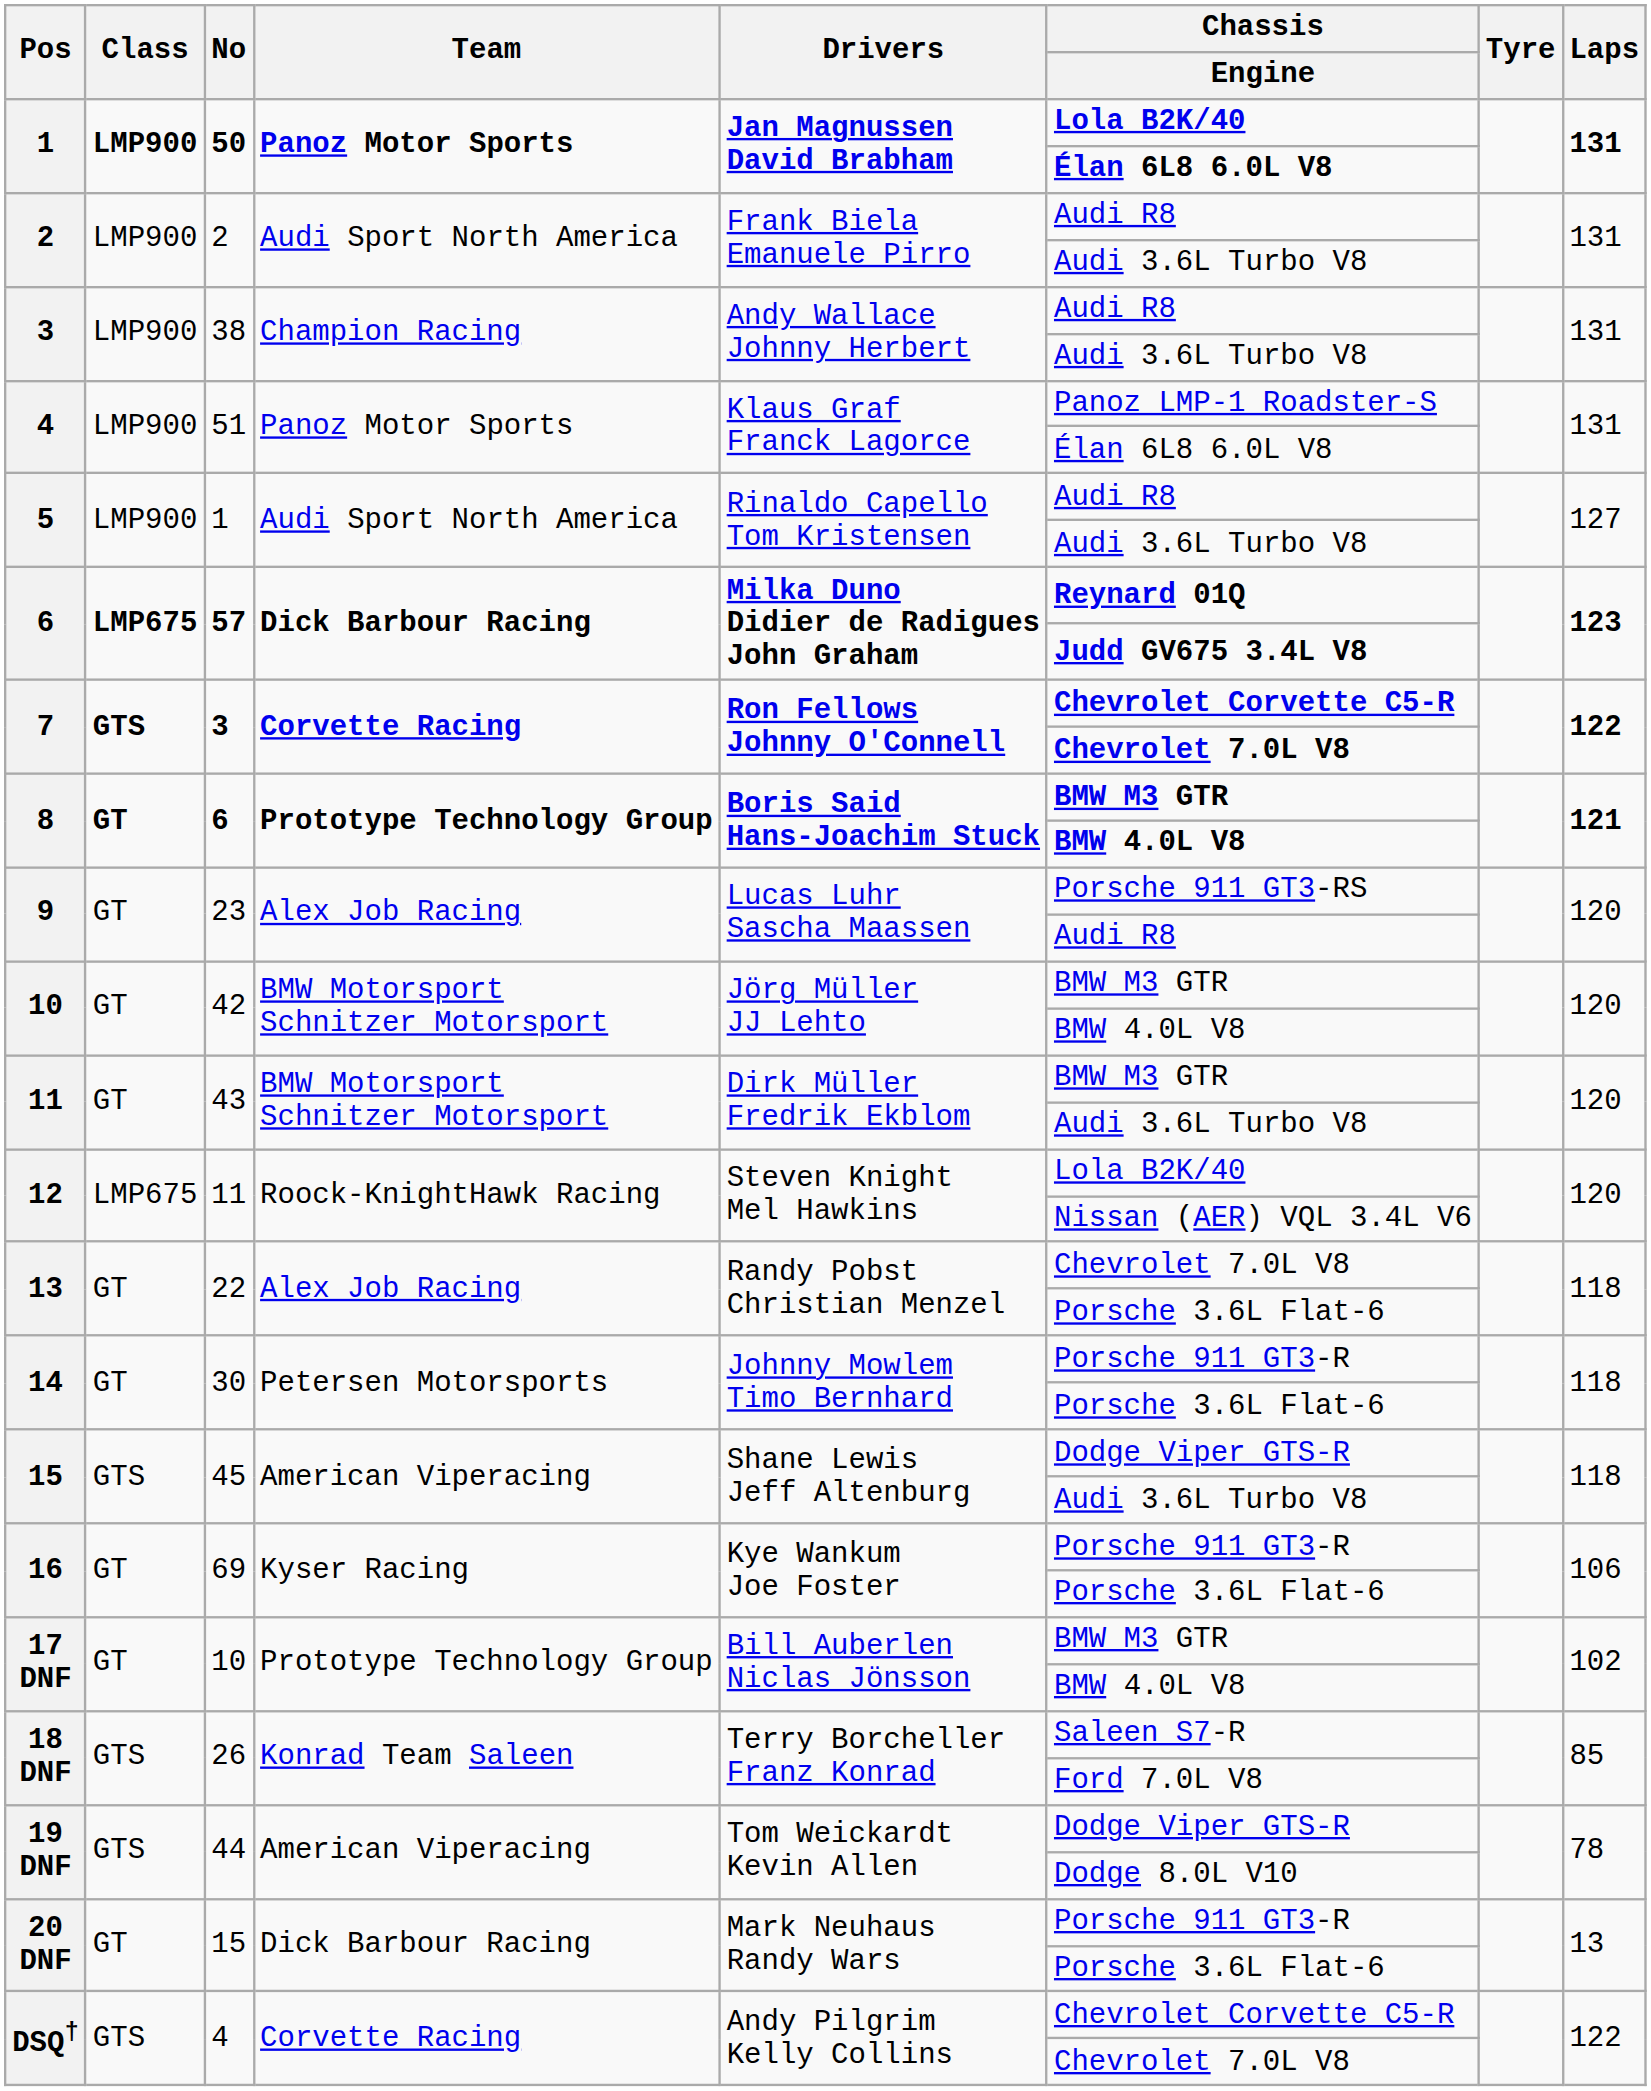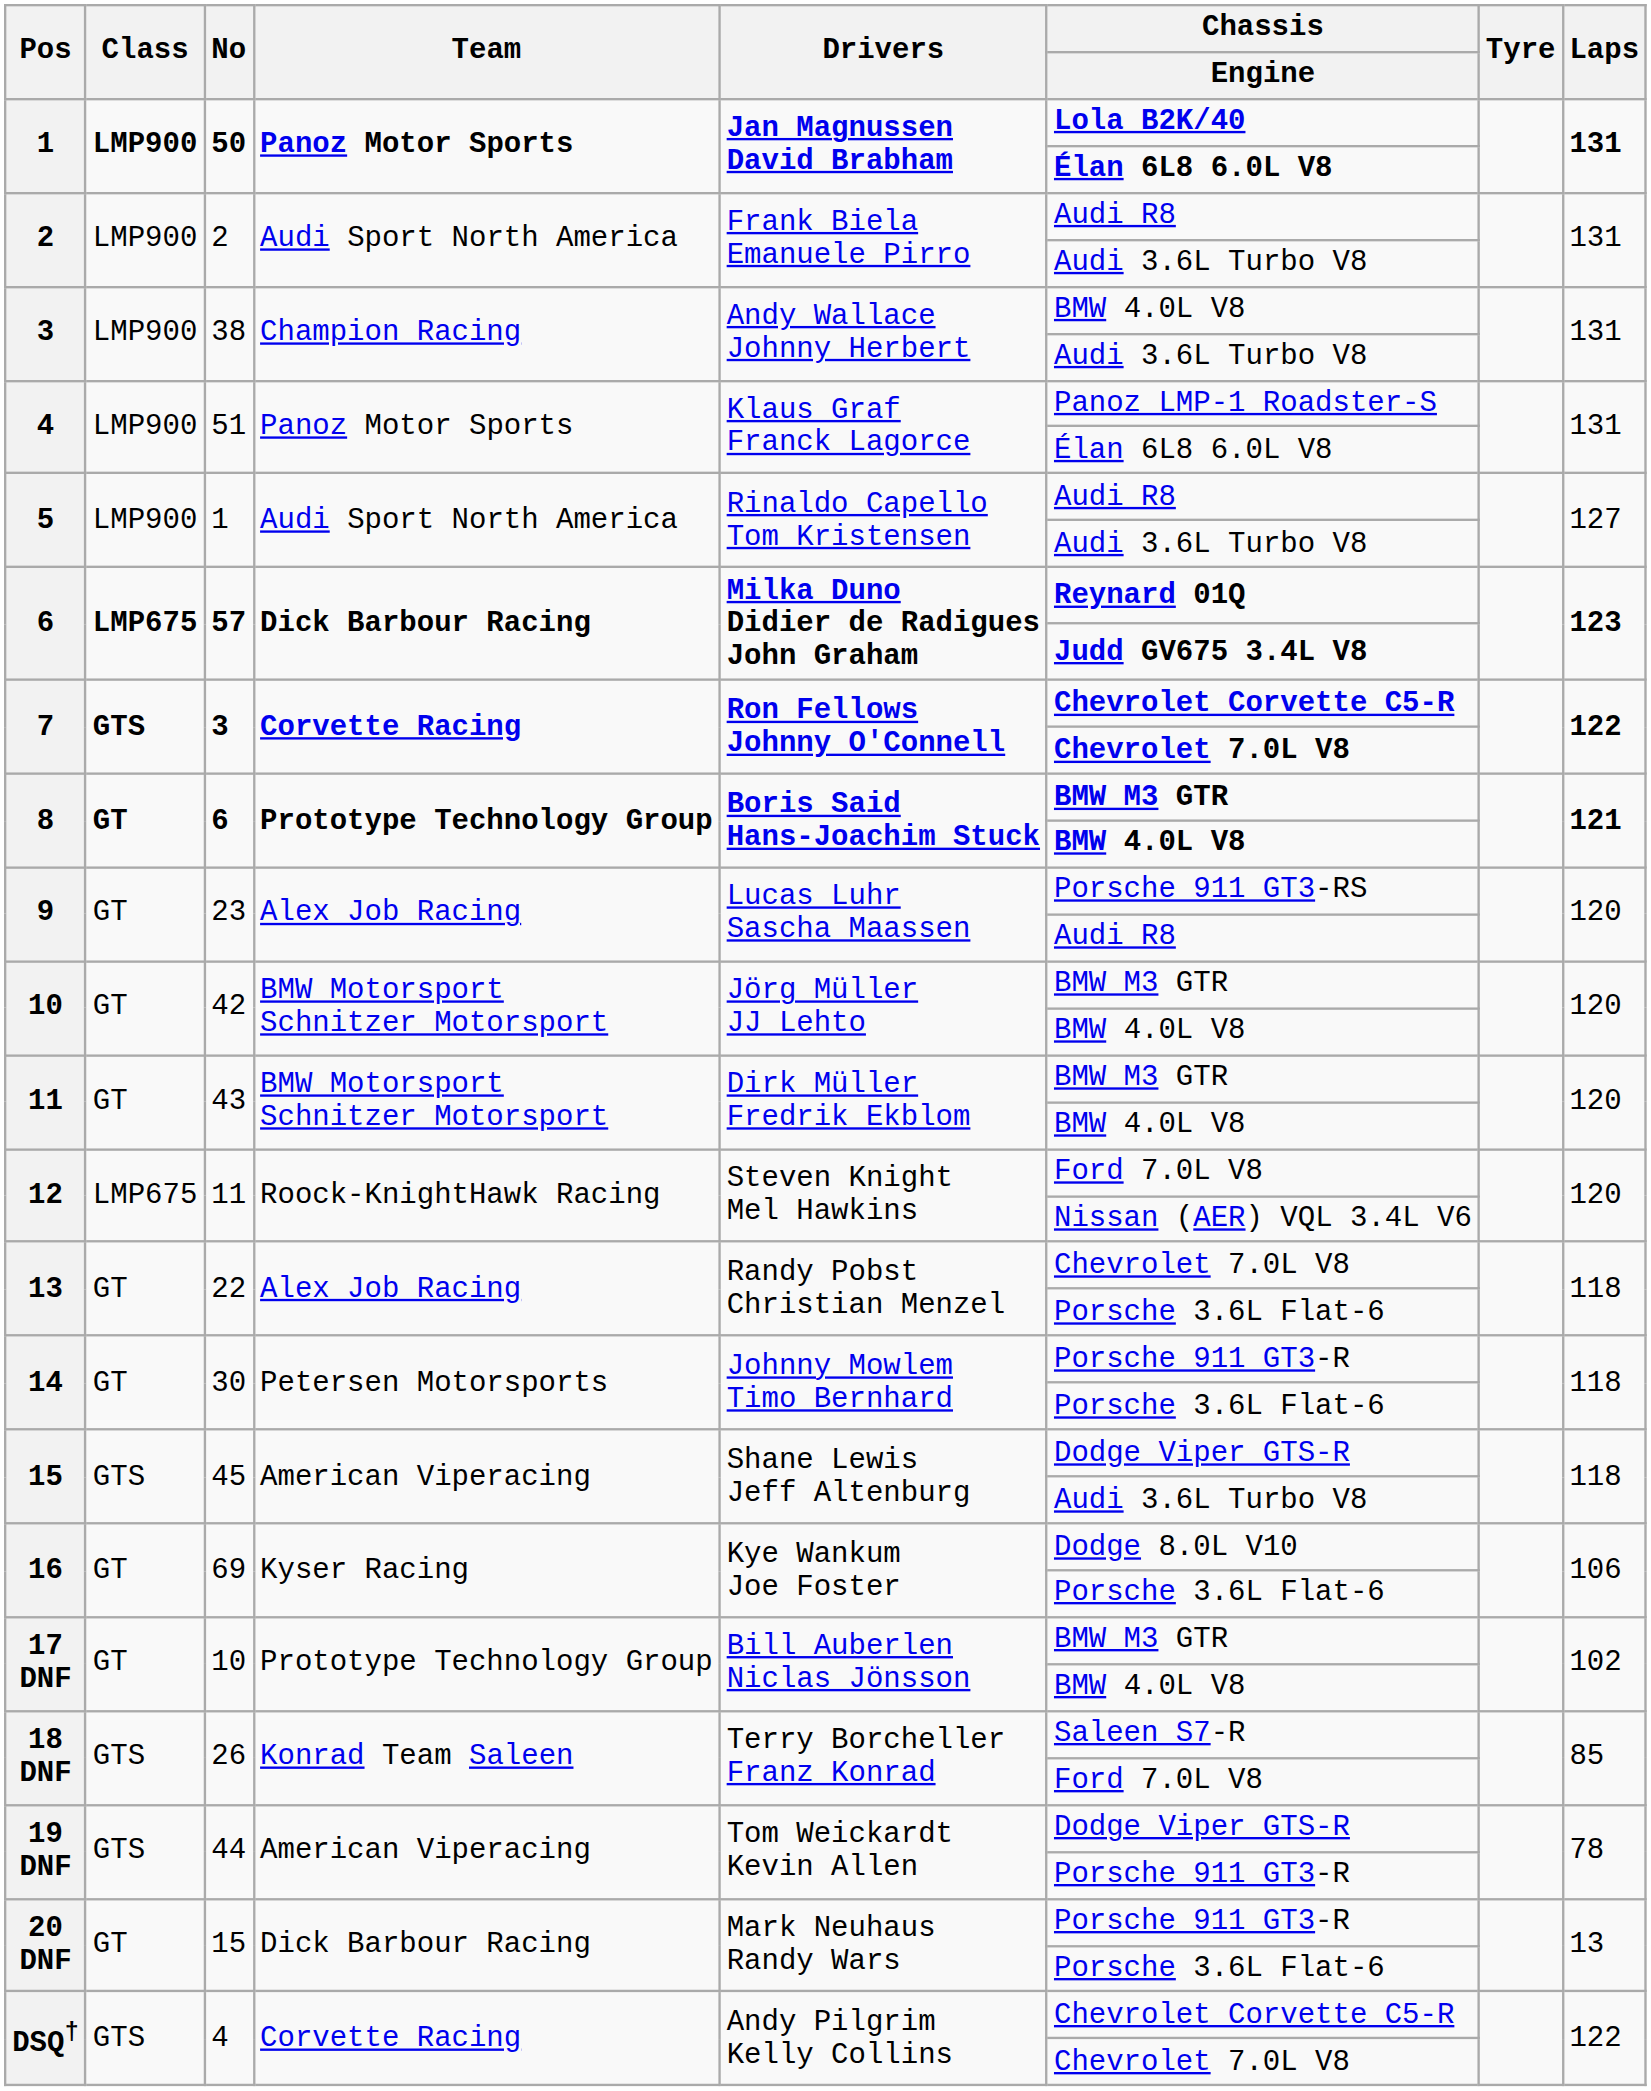 <table class="wikitable" style="font-size: 95%;">
 <tr>
 <th rowspan=2>Pos</th>
 <th rowspan=2>Class</th>
 <th rowspan=2>No</th>
 <th rowspan=2>Team</th>
 <th rowspan=2>Drivers</th>
 <th>Chassis</th>
 <th rowspan=2>Tyre</th>
 <th rowspan=2>Laps</th>
 </tr>
 <tr>
 <th>Engine</th>
 </tr>
 <tr style="font-weight:bold">
 <th rowspan=2>1</th>
 <td rowspan=2>LMP900</td>
 <td rowspan=2>50</td>
 <td rowspan=2> <a href='#'>Panoz</a> Motor Sports</td>
 <td rowspan=2> <a href='#'>Jan Magnussen</a><br> <a href='#'>David Brabham</a></td>
 <td><a href='#'>Lola B2K/40</a></td>
 <td rowspan=2></td>
 <td rowspan=2>131</td>
 </tr>
 <tr style="font-weight:bold">
 <td><a href='#'>Élan</a> 6L8 6.0L V8</td>
 </tr>
 <tr>
 <th rowspan=2>2</th>
 <td rowspan=2>LMP900</td>
 <td rowspan=2>2</td>
 <td rowspan=2> <a href='#'>Audi</a> Sport North America</td>
 <td rowspan=2> <a href='#'>Frank Biela</a><br> <a href='#'>Emanuele Pirro</a></td>
 <td><a href='#'>Audi R8</a></td>
 <td rowspan=2></td>
 <td rowspan=2>131</td>
 </tr>
 <tr>
 <td><a href='#'>Audi</a> 3.6L Turbo V8</td>
 </tr>
 <tr>
 <th rowspan=2>3</th>
 <td rowspan=2>LMP900</td>
 <td rowspan=2>38</td>
 <td rowspan=2> <a href='#'>Champion Racing</a></td>
 <td rowspan=2> <a href='#'>Andy Wallace</a><br> <a href='#'>Johnny Herbert</a></td>
-<td><a href='#'>Audi R8</a></td>
+<td><a href='#'>BMW</a> 4.0L V8</td>
 <td rowspan=2></td>
 <td rowspan=2>131</td>
 </tr>
 <tr>
 <td><a href='#'>Audi</a> 3.6L Turbo V8</td>
 </tr>
 <tr>
 <th rowspan=2>4</th>
 <td rowspan=2>LMP900</td>
 <td rowspan=2>51</td>
 <td rowspan=2> <a href='#'>Panoz</a> Motor Sports</td>
 <td rowspan=2> <a href='#'>Klaus Graf</a><br> <a href='#'>Franck Lagorce</a></td>
 <td><a href='#'>Panoz LMP-1 Roadster-S</a></td>
 <td rowspan=2></td>
 <td rowspan=2>131</td>
 </tr>
 <tr>
 <td><a href='#'>Élan</a> 6L8 6.0L V8</td>
 </tr>
 <tr>
 <th rowspan=2>5</th>
 <td rowspan=2>LMP900</td>
 <td rowspan=2>1</td>
 <td rowspan=2> <a href='#'>Audi</a> Sport North America</td>
 <td rowspan=2> <a href='#'>Rinaldo Capello</a><br> <a href='#'>Tom Kristensen</a></td>
 <td><a href='#'>Audi R8</a></td>
 <td rowspan=2></td>
 <td rowspan=2>127</td>
 </tr>
 <tr>
 <td><a href='#'>Audi</a> 3.6L Turbo V8</td>
 </tr>
 <tr style="font-weight:bold">
 <th rowspan=2>6</th>
 <td rowspan=2>LMP675</td>
 <td rowspan=2>57</td>
 <td rowspan=2> Dick Barbour Racing</td>
 <td rowspan=2> <a href='#'>Milka Duno</a><br> Didier de Radigues<br> John Graham</td>
 <td><a href='#'>Reynard</a> 01Q</td>
 <td rowspan=2></td>
 <td rowspan=2>123</td>
 </tr>
 <tr style="font-weight:bold">
 <td><a href='#'>Judd</a> GV675 3.4L V8</td>
 </tr>
 <tr style="font-weight:bold">
 <th rowspan=2>7</th>
 <td rowspan=2>GTS</td>
 <td rowspan=2>3</td>
 <td rowspan=2> <a href='#'>Corvette Racing</a></td>
 <td rowspan=2> <a href='#'>Ron Fellows</a><br> <a href='#'>Johnny O'Connell</a></td>
 <td><a href='#'>Chevrolet Corvette C5-R</a></td>
 <td rowspan=2></td>
 <td rowspan=2>122</td>
 </tr>
 <tr style="font-weight:bold">
 <td><a href='#'>Chevrolet</a> 7.0L V8</td>
 </tr>
 <tr style="font-weight:bold">
 <th rowspan=2>8</th>
 <td rowspan=2>GT</td>
 <td rowspan=2>6</td>
 <td rowspan=2> Prototype Technology Group</td>
 <td rowspan=2> <a href='#'>Boris Said</a><br> <a href='#'>Hans-Joachim Stuck</a></td>
 <td><a href='#'>BMW M3</a> GTR</td>
 <td rowspan=2></td>
 <td rowspan=2>121</td>
 </tr>
 <tr style="font-weight:bold">
 <td><a href='#'>BMW</a> 4.0L V8</td>
 </tr>
 <tr>
 <th rowspan=2>9</th>
 <td rowspan=2>GT</td>
 <td rowspan=2>23</td>
 <td rowspan=2> <a href='#'>Alex Job Racing</a></td>
 <td rowspan=2> <a href='#'>Lucas Luhr</a><br> <a href='#'>Sascha Maassen</a></td>
 <td><a href='#'>Porsche 911 GT3</a>-RS</td>
 <td rowspan=2></td>
 <td rowspan=2>120</td>
 </tr>
 <tr>
 <td><a href='#'>Audi R8</a></td>
 </tr>
 <tr>
 <th rowspan=2>10</th>
 <td rowspan=2>GT</td>
 <td rowspan=2>42</td>
 <td rowspan=2> <a href='#'>BMW Motorsport</a><br> <a href='#'>Schnitzer Motorsport</a></td>
 <td rowspan=2> <a href='#'>Jörg Müller</a><br> <a href='#'>JJ Lehto</a></td>
 <td><a href='#'>BMW M3</a> GTR</td>
 <td rowspan=2></td>
 <td rowspan=2>120</td>
 </tr>
 <tr>
 <td><a href='#'>BMW</a> 4.0L V8</td>
 </tr>
 <tr>
 <th rowspan=2>11</th>
 <td rowspan=2>GT</td>
 <td rowspan=2>43</td>
 <td rowspan=2> <a href='#'>BMW Motorsport</a><br> <a href='#'>Schnitzer Motorsport</a></td>
 <td rowspan=2> <a href='#'>Dirk Müller</a><br> <a href='#'>Fredrik Ekblom</a></td>
 <td><a href='#'>BMW M3</a> GTR</td>
 <td rowspan=2></td>
 <td rowspan=2>120</td>
 </tr>
 <tr>
-<td><a href='#'>Audi</a> 3.6L Turbo V8</td>
+<td><a href='#'>BMW</a> 4.0L V8</td>
 </tr>
 <tr>
 <th rowspan=2>12</th>
 <td rowspan=2>LMP675</td>
 <td rowspan=2>11</td>
 <td rowspan=2> Roock-KnightHawk Racing</td>
 <td rowspan=2> Steven Knight<br> Mel Hawkins</td>
-<td><a href='#'>Lola B2K/40</a></td>
+<td><a href='#'>Ford</a> 7.0L V8</td>
 <td rowspan=2></td>
 <td rowspan=2>120</td>
 </tr>
 <tr>
 <td><a href='#'>Nissan</a> (<a href='#'>AER</a>) VQL 3.4L V6</td>
 </tr>
 <tr>
 <th rowspan=2>13</th>
 <td rowspan=2>GT</td>
 <td rowspan=2>22</td>
 <td rowspan=2> <a href='#'>Alex Job Racing</a></td>
 <td rowspan=2> Randy Pobst<br> Christian Menzel</td>
 <td><a href='#'>Chevrolet</a> 7.0L V8</td>
 <td rowspan=2></td>
 <td rowspan=2>118</td>
 </tr>
 <tr>
 <td><a href='#'>Porsche</a> 3.6L Flat-6</td>
 </tr>
 <tr>
 <th rowspan=2>14</th>
 <td rowspan=2>GT</td>
 <td rowspan=2>30</td>
 <td rowspan=2> Petersen Motorsports</td>
 <td rowspan=2> <a href='#'>Johnny Mowlem</a><br> <a href='#'>Timo Bernhard</a></td>
 <td><a href='#'>Porsche 911 GT3</a>-R</td>
 <td rowspan=2></td>
 <td rowspan=2>118</td>
 </tr>
 <tr>
 <td><a href='#'>Porsche</a> 3.6L Flat-6</td>
 </tr>
 <tr>
 <th rowspan=2>15</th>
 <td rowspan=2>GTS</td>
 <td rowspan=2>45</td>
 <td rowspan=2> American Viperacing</td>
 <td rowspan=2> Shane Lewis<br> Jeff Altenburg</td>
 <td><a href='#'>Dodge Viper GTS-R</a></td>
 <td rowspan=2></td>
 <td rowspan=2>118</td>
 </tr>
 <tr>
 <td><a href='#'>Audi</a> 3.6L Turbo V8</td>
 </tr>
 <tr>
 <th rowspan=2>16</th>
 <td rowspan=2>GT</td>
 <td rowspan=2>69</td>
 <td rowspan=2> Kyser Racing</td>
 <td rowspan=2> Kye Wankum<br> Joe Foster</td>
-<td><a href='#'>Porsche 911 GT3</a>-R</td>
+<td><a href='#'>Dodge</a> 8.0L V10</td>
 <td rowspan=2></td>
 <td rowspan=2>106</td>
 </tr>
 <tr>
 <td><a href='#'>Porsche</a> 3.6L Flat-6</td>
 </tr>
 <tr>
 <th rowspan=2>17<br>DNF</th>
 <td rowspan=2>GT</td>
 <td rowspan=2>10</td>
 <td rowspan=2> Prototype Technology Group</td>
 <td rowspan=2> <a href='#'>Bill Auberlen</a><br> <a href='#'>Niclas Jönsson</a></td>
 <td><a href='#'>BMW M3</a> GTR</td>
 <td rowspan=2></td>
 <td rowspan=2>102</td>
 </tr>
 <tr>
 <td><a href='#'>BMW</a> 4.0L V8</td>
 </tr>
 <tr>
 <th rowspan=2>18<br>DNF</th>
 <td rowspan=2>GTS</td>
 <td rowspan=2>26</td>
 <td rowspan=2> <a href='#'>Konrad</a> Team <a href='#'>Saleen</a></td>
 <td rowspan=2> Terry Borcheller<br> <a href='#'>Franz Konrad</a></td>
 <td><a href='#'>Saleen S7</a>-R</td>
 <td rowspan=2></td>
 <td rowspan=2>85</td>
 </tr>
 <tr>
 <td><a href='#'>Ford</a> 7.0L V8</td>
 </tr>
 <tr>
 <th rowspan=2>19<br>DNF</th>
 <td rowspan=2>GTS</td>
 <td rowspan=2>44</td>
 <td rowspan=2> American Viperacing</td>
 <td rowspan=2> Tom Weickardt<br> Kevin Allen</td>
 <td><a href='#'>Dodge Viper GTS-R</a></td>
 <td rowspan=2></td>
 <td rowspan=2>78</td>
 </tr>
 <tr>
-<td><a href='#'>Dodge</a> 8.0L V10</td>
+<td><a href='#'>Porsche 911 GT3</a>-R</td>
 </tr>
 <tr>
 <th rowspan=2>20<br>DNF</th>
 <td rowspan=2>GT</td>
 <td rowspan=2>15</td>
 <td rowspan=2> Dick Barbour Racing</td>
 <td rowspan=2> Mark Neuhaus<br> Randy Wars</td>
 <td><a href='#'>Porsche 911 GT3</a>-R</td>
 <td rowspan=2></td>
 <td rowspan=2>13</td>
 </tr>
 <tr>
 <td><a href='#'>Porsche</a> 3.6L Flat-6</td>
 </tr>
 <tr>
 <th rowspan=2>DSQ<sup>†</sup></th>
 <td rowspan=2>GTS</td>
 <td rowspan=2>4</td>
 <td rowspan=2> <a href='#'>Corvette Racing</a></td>
 <td rowspan=2> Andy Pilgrim<br> Kelly Collins</td>
 <td><a href='#'>Chevrolet Corvette C5-R</a></td>
 <td rowspan=2></td>
 <td rowspan=2>122</td>
 </tr>
 <tr>
 <td><a href='#'>Chevrolet</a> 7.0L V8</td>
 </tr>
 </table>
